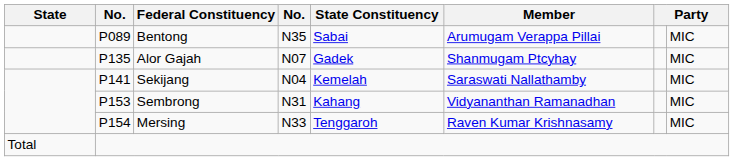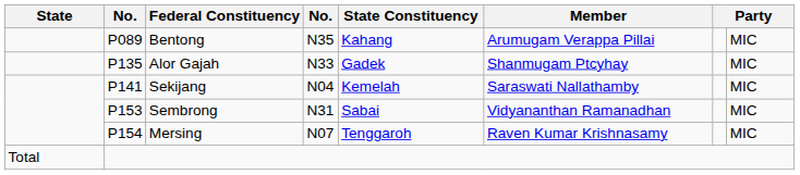 <table class ="wikitable sortable">
 <tr>
 <th style="width:100px;">State</th>
 <th>No.</th>
 <th>Federal Constituency</th>
 <th style="width:30px;">No.</th>
 <th style="width:150px;">State Constituency</th>
 <th style="width:240px;">Member</th>
 <th style="width:80px;" colspan=2>Party</th>
 </tr>
 <tr>
 <td></td>
 <td>P089</td>
 <td>Bentong</td>
 <td>N35</td>
-<td><a href='#'>Sabai</a></td>
+<td><a href='#'>Kahang</a></td>
 <td><a href='#'>Arumugam Verappa Pillai</a></td>
 <td></td>
 <td>MIC</td>
 </tr>
 <tr>
 <td></td>
 <td>P135</td>
 <td>Alor Gajah</td>
-<td>N07</td>
+<td>N33</td>
 <td><a href='#'>Gadek</a></td>
 <td><a href='#'>Shanmugam Ptcyhay</a></td>
 <td></td>
 <td>MIC</td>
 </tr>
 <tr>
 <td rowspan=3></td>
 <td>P141</td>
 <td>Sekijang</td>
 <td>N04</td>
 <td><a href='#'>Kemelah</a></td>
 <td><a href='#'>Saraswati Nallathamby</a></td>
 <td></td>
 <td>MIC</td>
 </tr>
 <tr>
 <td>P153</td>
 <td>Sembrong</td>
 <td>N31</td>
-<td><a href='#'>Kahang</a></td>
+<td><a href='#'>Sabai</a></td>
 <td><a href='#'>Vidyananthan Ramanadhan</a></td>
 <td></td>
 <td>MIC</td>
 </tr>
 <tr>
 <td>P154</td>
 <td>Mersing</td>
-<td>N33</td>
+<td>N07</td>
 <td><a href='#'>Tenggaroh</a></td>
 <td><a href='#'>Raven Kumar Krishnasamy</a></td>
 <td></td>
 <td>MIC</td>
 </tr>
 <tr>
 <td>Total</td>
 <td colspan="7"></td>
 </tr>
 </table>
